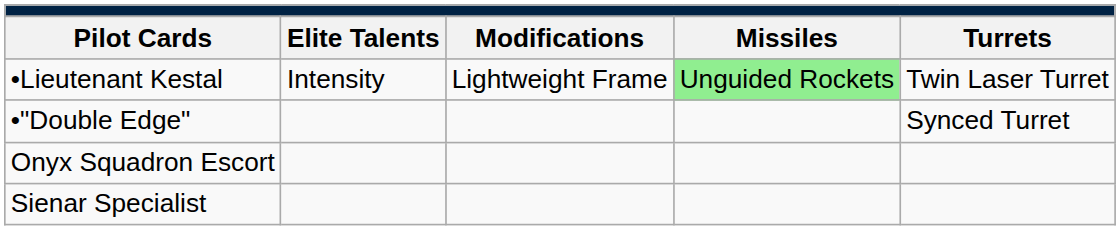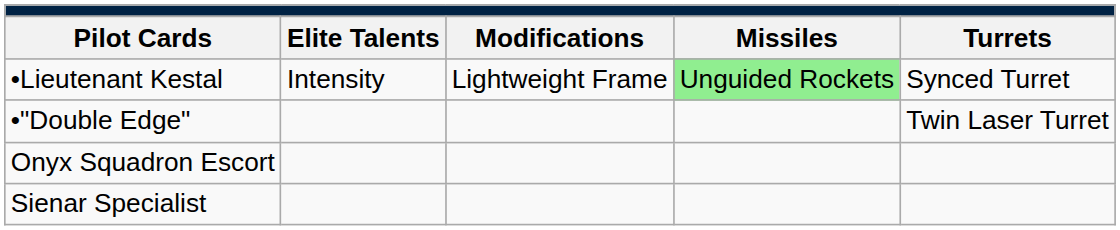 <table class="wikitable sortable">
 <tr style="background:#002244;">
 <td colspan="6"></td>
 </tr>
 <tr style="background:#f0f0f0;">
 </tr>
 <tr>
 <th>Pilot Cards</th>
 <th>Elite Talents</th>
 <th>Modifications</th>
 <th>Missiles</th>
 <th>Turrets</th>
 </tr>
 <tr>
 <td>•Lieutenant Kestal</td>
 <td>Intensity</td>
 <td>Lightweight Frame</td>
 <td style="background: lightgreen;">Unguided Rockets</td>
-<td>Twin Laser Turret</td>
+<td>Synced Turret</td>
 </tr>
 <tr>
 <td>•"Double Edge"</td>
 <td></td>
 <td></td>
 <td></td>
-<td>Synced Turret</td>
+<td>Twin Laser Turret</td>
 </tr>
 <tr>
 <td>Onyx Squadron Escort</td>
 <td></td>
 <td></td>
 <td></td>
 <td></td>
 </tr>
 <tr>
 <td>Sienar Specialist</td>
 <td></td>
 <td></td>
 <td></td>
 <td></td>
 </tr>
 </table>
